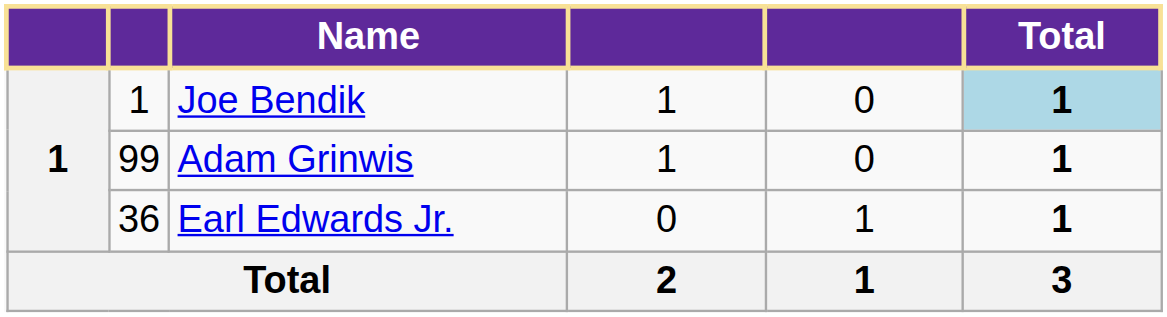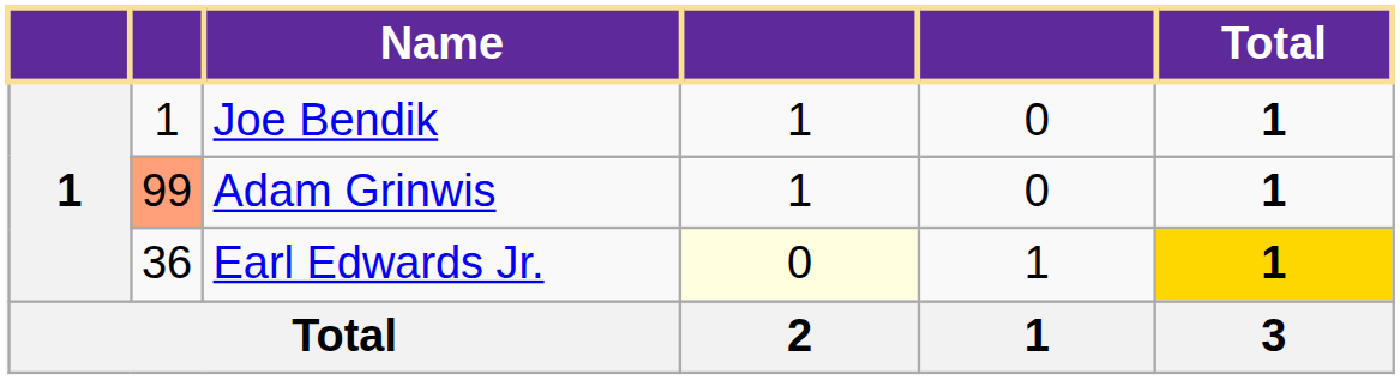 <table class="wikitable" style="text-align:center;">
 <tr>
 <th style="background:#5E299A; color:white; border:2px solid #F8E196; width:35px;"></th>
 <th style="background:#5E299A; color:white; border:2px solid #F8E196; width=35px;"></th>
 <th scope="col" style="background:#5E299A; color:white; border:2px solid #F8E196; width:160px;">Name</th>
 <th style="background:#5E299A; color:white; border:2px solid #F8E196; width:75px;"></th>
 <th style="background:#5E299A; color:white; border:2px solid #F8E196; width:75px;"></th>
 <th style="background:#5E299A; color:white; border:2px solid #F8E196; width:75px;">Total</th>
 </tr>
 <tr>
 <th rowspan="3">1</th>
 <td>1</td>
 <td align=left> <a href='#'>Joe Bendik</a></td>
 <td>1</td>
 <td>0</td>
-<td style="background: lightblue;"><strong>1</strong></td>
+<td><strong>1</strong></td>
 </tr>
 <tr>
-<td>99</td>
+<td style="background: lightsalmon;">99</td>
 <td align="left"> <a href='#'>Adam Grinwis</a></td>
 <td>1</td>
 <td>0</td>
 <td><strong>1</strong></td>
 </tr>
 <tr>
 <td>36</td>
 <td align="left"> <a href='#'>Earl Edwards Jr.</a></td>
-<td>0</td>
+<td style="background: lightyellow;">0</td>
 <td>1</td>
-<td><strong>1</strong></td>
+<td style="background: gold;"><strong>1</strong></td>
 </tr>
 <tr>
 <th colspan="3">Total</th>
 <th>2</th>
 <th><strong>1</strong></th>
 <th>3</th>
 </tr>
 </table>
